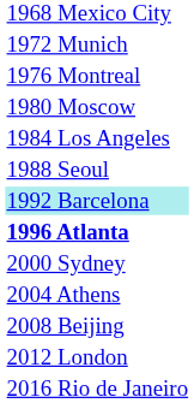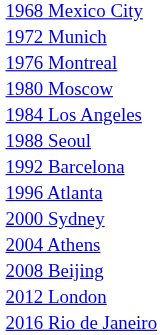 <table>
 <tr valign="top">
 <td><a href='#'>1968 Mexico City</a><br></td>
 <td></td>
 <td></td>
 <td><br> </td>
 </tr>
 <tr valign="top">
 <td><a href='#'>1972 Munich</a><br></td>
 <td></td>
 <td></td>
 <td><br></td>
 </tr>
 <tr valign="top">
 <td><a href='#'>1976 Montreal</a><br></td>
 <td></td>
 <td></td>
 <td><br> </td>
 </tr>
 <tr valign="top">
 <td><a href='#'>1980 Moscow</a><br></td>
 <td></td>
 <td></td>
 <td><br></td>
 </tr>
 <tr valign="top">
 <td><a href='#'>1984 Los Angeles</a><br></td>
 <td></td>
 <td></td>
 <td><br> </td>
 </tr>
 <tr valign="top">
 <td><a href='#'>1988 Seoul</a><br></td>
 <td></td>
 <td></td>
 <td><br> </td>
 </tr>
 <tr valign="top">
-<td style="background: paleturquoise;"><a href='#'>1992 Barcelona</a><br></td>
+<td><a href='#'>1992 Barcelona</a><br></td>
 <td></td>
 <td></td>
 <td><br></td>
 </tr>
 <tr valign="top">
-<td><strong><a href='#'>1996 Atlanta</a><br></strong></td>
+<td><a href='#'>1996 Atlanta</a><br></td>
 <td></td>
 <td></td>
 <td><br></td>
 </tr>
 <tr valign="top">
 <td><a href='#'>2000 Sydney</a><br></td>
 <td></td>
 <td></td>
 <td><br> </td>
 </tr>
 <tr valign="top">
 <td><a href='#'>2004 Athens</a><br></td>
 <td></td>
 <td></td>
 <td><br> </td>
 </tr>
 <tr valign="top">
 <td><a href='#'>2008 Beijing</a><br></td>
 <td></td>
 <td></td>
 <td><br> </td>
 </tr>
 <tr valign="top">
 <td><a href='#'>2012 London</a><br></td>
 <td></td>
 <td></td>
 <td><br></td>
 </tr>
 <tr valign="top">
 <td><a href='#'>2016 Rio de Janeiro</a><br></td>
 <td></td>
 <td></td>
 <td><br></td>
 </tr>
 </table>
